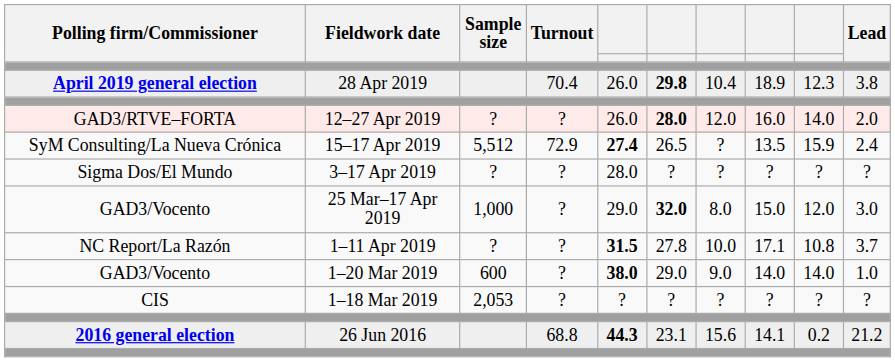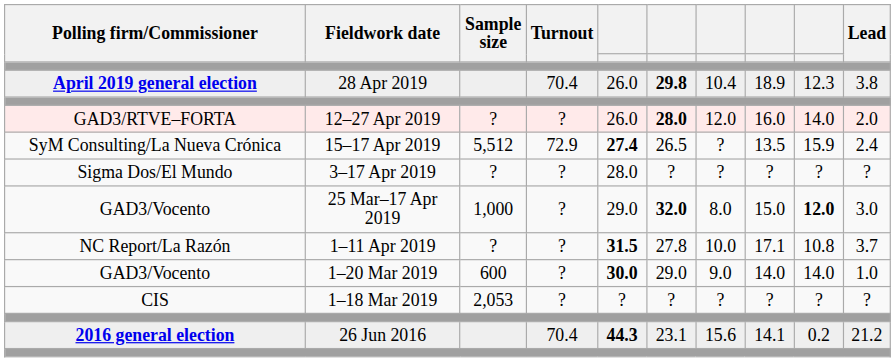 <table class="wikitable collapsible collapsed" style="text-align:center; font-size:95%; line-height:16px;">
 <tr style="height:42px;">
 <th style="width:250px;" rowspan="2">Polling firm/Commissioner</th>
 <th style="width:125px;" rowspan="2">Fieldwork date</th>
 <th style="width:50px;" rowspan="2">Sample size</th>
 <th style="width:45px;" rowspan="2">Turnout</th>
 <th style="width:35px;"></th>
 <th style="width:35px;"></th>
 <th style="width:35px;"></th>
 <th style="width:35px;"></th>
 <th style="width:35px;"></th>
 <th style="width:30px;" rowspan="2">Lead</th>
 </tr>
 <tr>
 <th style="color:inherit;background:"></th>
 <th style="color:inherit;background:"></th>
 <th style="color:inherit;background:"></th>
 <th style="color:inherit;background:"></th>
 <th style="color:inherit;background:"></th>
 </tr>
 <tr>
 <td colspan="10" style="background:#A0A0A0"></td>
 </tr>
 <tr style="background:#EFEFEF;">
 <td><strong><a href='#'>April 2019 general election</a></strong></td>
 <td>28 Apr 2019</td>
 <td></td>
 <td>70.4</td>
 <td>26.0<br></td>
 <td><strong>29.8</strong><br></td>
 <td>10.4<br></td>
 <td>18.9<br></td>
 <td>12.3<br></td>
 <td style="background:">3.8</td>
 </tr>
 <tr>
 <td colspan="10" style="background:#A0A0A0"></td>
 </tr>
 <tr style="background:#FFEAEA;">
 <td>GAD3/RTVE–FORTA</td>
 <td>12–27 Apr 2019</td>
 <td>?</td>
 <td>?</td>
 <td>26.0<br></td>
 <td><strong>28.0</strong><br></td>
 <td>12.0<br></td>
 <td>16.0<br></td>
 <td>14.0<br></td>
 <td style="background:">2.0</td>
 </tr>
 <tr>
 <td>SyM Consulting/La Nueva Crónica</td>
 <td>15–17 Apr 2019</td>
 <td>5,512</td>
 <td>72.9</td>
 <td><strong>27.4</strong><br></td>
 <td>26.5<br></td>
 <td>?<br></td>
 <td>13.5<br></td>
 <td>15.9<br></td>
 <td style="background:">2.4</td>
 </tr>
 <tr>
 <td>Sigma Dos/El Mundo</td>
 <td>3–17 Apr 2019</td>
 <td>?</td>
 <td>?</td>
 <td>28.0<br></td>
 <td>?<br></td>
 <td>?<br></td>
 <td>?<br></td>
 <td>?<br></td>
 <td style="background:">?</td>
 </tr>
 <tr>
 <td>GAD3/Vocento</td>
 <td>25 Mar–17 Apr 2019</td>
 <td>1,000</td>
 <td>?</td>
 <td>29.0<br></td>
 <td><strong>32.0</strong><br></td>
 <td>8.0<br></td>
 <td>15.0<br></td>
-<td>12.0<br></td>
+<td><strong>12.0<br></strong></td>
 <td style="background:">3.0</td>
 </tr>
 <tr>
 <td>NC Report/La Razón</td>
 <td>1–11 Apr 2019</td>
 <td>?</td>
 <td>?</td>
 <td><strong>31.5</strong><br></td>
 <td>27.8<br></td>
 <td>10.0<br></td>
 <td>17.1<br></td>
 <td>10.8<br></td>
 <td style="background:">3.7</td>
 </tr>
 <tr>
 <td>GAD3/Vocento</td>
 <td>1–20 Mar 2019</td>
 <td>600</td>
 <td>?</td>
-<td><strong>38.0</strong><br></td>
+<td><strong>30.0</strong><br></td>
 <td>29.0<br></td>
 <td>9.0<br></td>
 <td>14.0<br></td>
 <td>14.0<br></td>
 <td style="background:">1.0</td>
 </tr>
 <tr>
 <td>CIS</td>
 <td>1–18 Mar 2019</td>
 <td>2,053</td>
 <td>?</td>
 <td>?<br></td>
 <td>?<br></td>
 <td>?<br></td>
 <td>?<br></td>
 <td>?<br></td>
 <td style="background:">?</td>
 </tr>
 <tr>
 <td colspan="10" style="background:#A0A0A0"></td>
 </tr>
 <tr style="background:#EFEFEF;">
 <td><strong><a href='#'>2016 general election</a></strong></td>
 <td>26 Jun 2016</td>
 <td></td>
-<td>68.8</td>
+<td>70.4</td>
 <td><strong>44.3</strong><br></td>
 <td>23.1<br></td>
 <td>15.6<br></td>
 <td>14.1<br></td>
 <td>0.2<br></td>
 <td style="background:">21.2</td>
 </tr>
 <tr>
 <td colspan="10" style="background:#A0A0A0"></td>
 </tr>
 </table>
